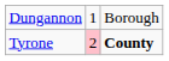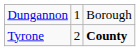 <table class="wikitable sortable">
 <tr>
 <td><a href='#'>Dungannon</a></td>
 <td align="center">1</td>
 <td>Borough</td>
 </tr>
 <tr>
 <td><a href='#'>Tyrone</a></td>
-<td style="background: pink;">2</td>
+<td>2</td>
 <td><strong>County</strong></td>
 </tr>
 </table>
